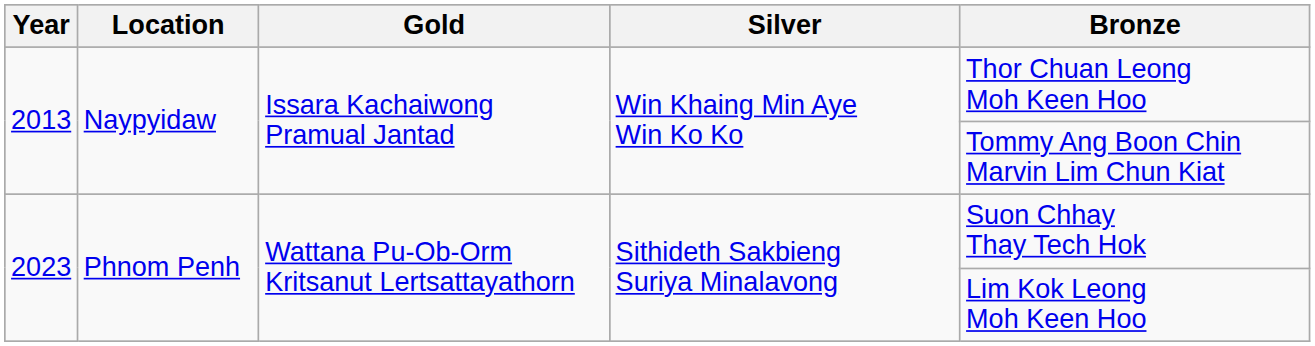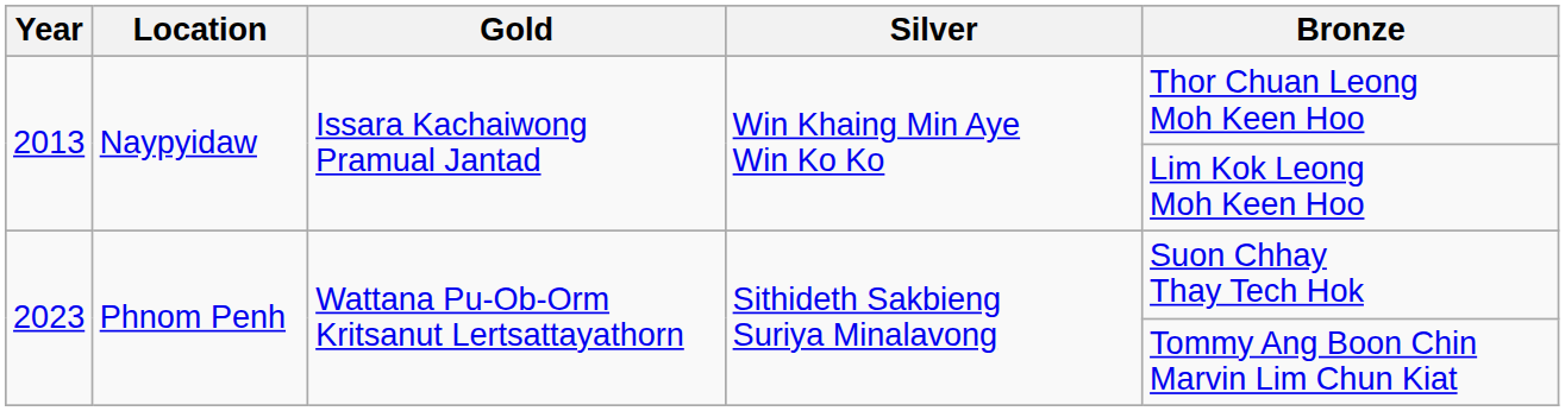 <table class="wikitable">
 <tr>
 <th>Year</th>
 <th width="100">Location</th>
 <th width="200">Gold</th>
 <th width="200">Silver</th>
 <th width="200">Bronze</th>
 </tr>
 <tr>
 <td rowspan=2><a href='#'>2013</a></td>
 <td rowspan=2> <a href='#'>Naypyidaw</a></td>
 <td rowspan=2> <a href='#'>Issara Kachaiwong</a><br> <a href='#'>Pramual Jantad</a></td>
 <td rowspan=2> <a href='#'>Win Khaing Min Aye</a><br> <a href='#'>Win Ko Ko</a></td>
 <td> <a href='#'>Thor Chuan Leong</a><br> <a href='#'>Moh Keen Hoo</a></td>
 </tr>
 <tr>
-<td> <a href='#'>Tommy Ang Boon Chin</a><br>  <a href='#'>Marvin Lim Chun Kiat</a></td>
+<td> <a href='#'>Lim Kok Leong</a><br> <a href='#'>Moh Keen Hoo</a></td>
 </tr>
 <tr>
 <td rowspan=2><a href='#'>2023</a></td>
 <td rowspan=2> <a href='#'>Phnom Penh</a></td>
 <td rowspan=2> <a href='#'>Wattana Pu-Ob-Orm</a><br> <a href='#'>Kritsanut Lertsattayathorn</a></td>
 <td rowspan=2> <a href='#'>Sithideth Sakbieng</a><br> <a href='#'>Suriya Minalavong</a></td>
 <td> <a href='#'>Suon Chhay</a><br> <a href='#'>Thay Tech Hok</a></td>
 </tr>
 <tr>
-<td> <a href='#'>Lim Kok Leong</a><br> <a href='#'>Moh Keen Hoo</a></td>
+<td> <a href='#'>Tommy Ang Boon Chin</a><br>  <a href='#'>Marvin Lim Chun Kiat</a></td>
 </tr>
 </table>
